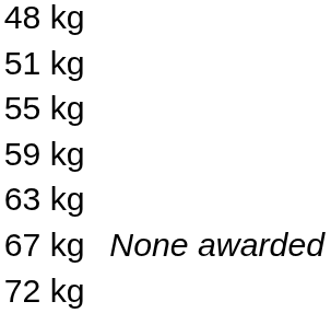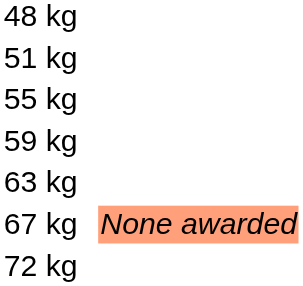 <table>
 <tr>
 <td>48 kg</td>
 <td></td>
 <td></td>
 <td></td>
 </tr>
 <tr>
 <td>51 kg</td>
 <td></td>
 <td></td>
 <td></td>
 </tr>
 <tr>
 <td>55 kg</td>
 <td></td>
 <td></td>
 <td></td>
 </tr>
 <tr>
 <td>59 kg</td>
 <td></td>
 <td></td>
 <td></td>
 </tr>
 <tr>
 <td>63 kg</td>
 <td></td>
 <td></td>
 <td></td>
 </tr>
 <tr>
 <td>67 kg</td>
 <td></td>
 <td></td>
-<td><em>None awarded</em></td>
+<td style="background: lightsalmon;"><em>None awarded</em></td>
 </tr>
 <tr>
 <td>72 kg</td>
 <td></td>
 <td></td>
 <td></td>
 </tr>
 </table>
